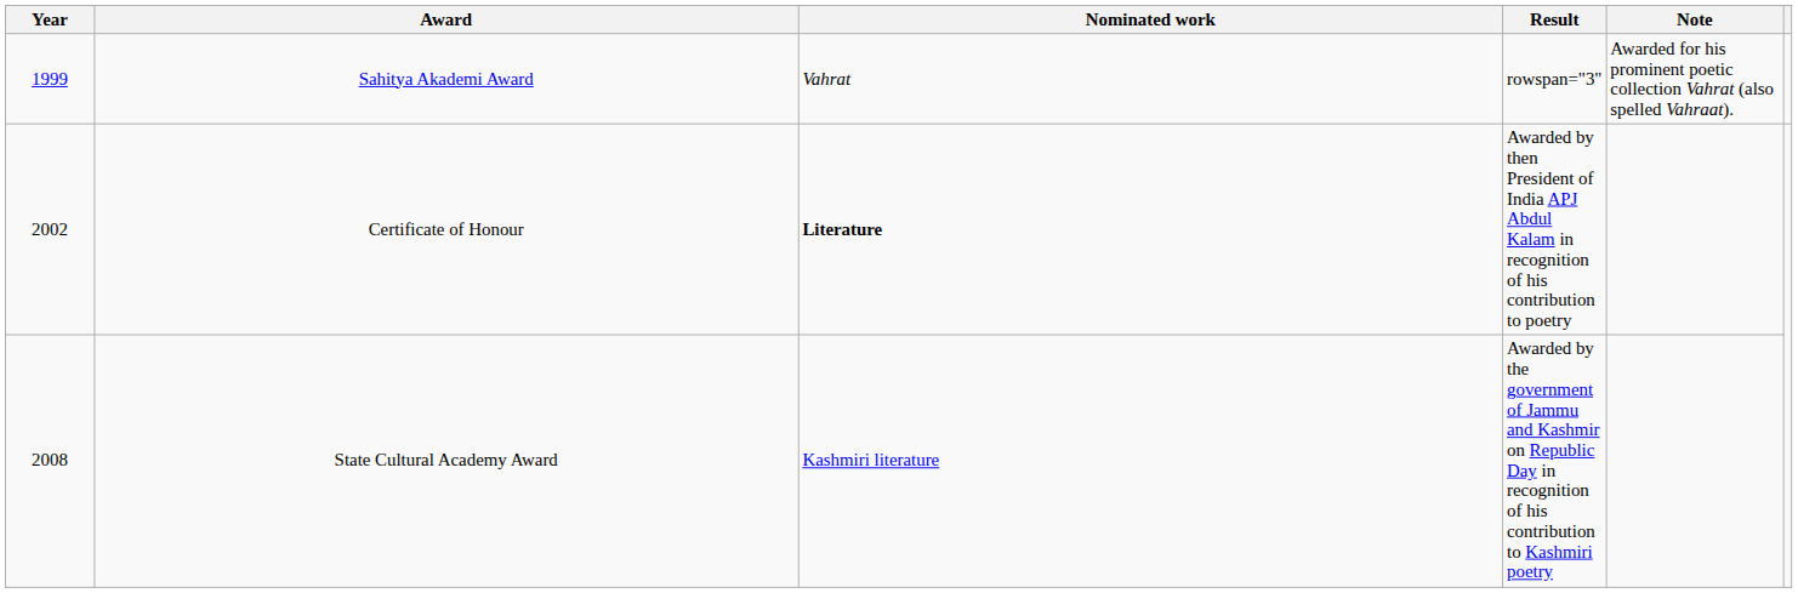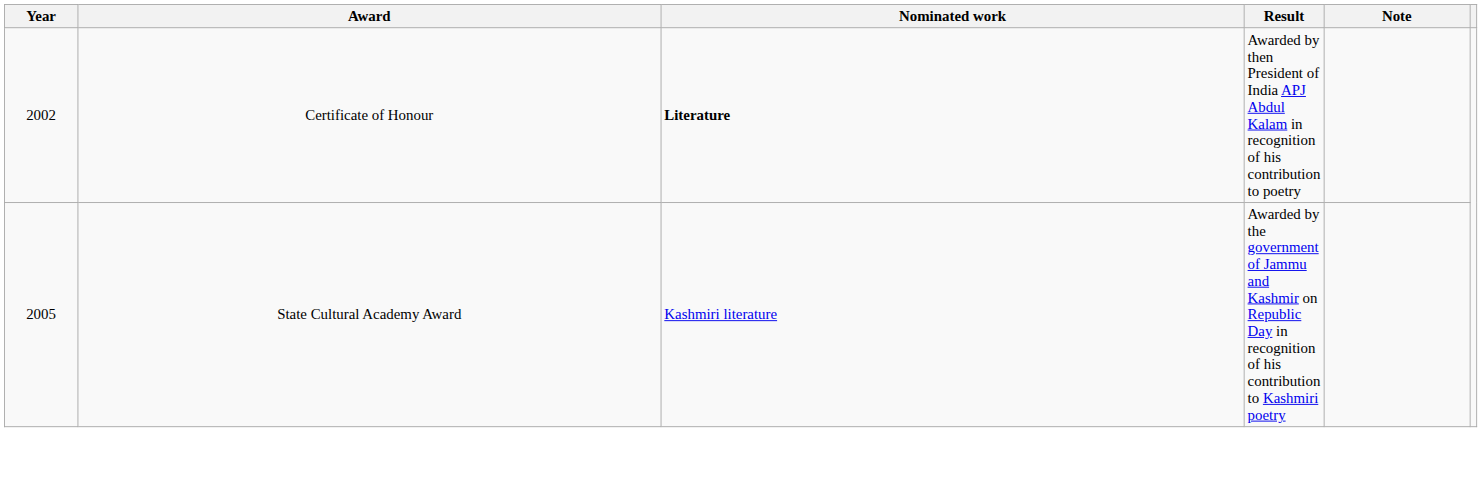 <table class="wikitable sortable" width=100%>
 <tr>
 <th width=5%>Year</th>
 <th style="width:40%;">Award</th>
 <th style="width:40%;">Nominated work</th>
 <th width=5%>Result</th>
 <th style="width:40%;">Note</th>
 <th width=5%></th>
 </tr>
 <tr>
-<td style="text-align:center;"><a href='#'>1999</a></td>
-<td style="text-align:center;"><a href='#'>Sahitya Akademi Award</a></td>
-<td><em>Vahrat</em></td>
-<td>rowspan="3"</td>
-<td>Awarded for his prominent poetic collection <em>Vahrat</em> (also spelled <em>Vahraat</em>).</td>
-<td></td>
-</tr>
-<tr>
 <td style="text-align:center;">2002</td>
 <td style="text-align:center;">Certificate of Honour</td>
 <td><strong>Literature</strong></td>
 <td>Awarded by then President of India <a href='#'>APJ Abdul Kalam</a> in recognition of his contribution to  poetry</td>
 <td></td>
 </tr>
 <tr>
-<td style="text-align:center;">2008</td>
+<td style="text-align:center;">2005</td>
 <td style="text-align:center;">State Cultural Academy Award</td>
 <td><a href='#'>Kashmiri literature</a></td>
 <td>Awarded by the <a href='#'>government of Jammu and Kashmir</a> on <a href='#'>Republic Day</a> in recognition of his contribution to <a href='#'>Kashmiri poetry</a></td>
 <td></td>
 </tr>
 </table>
